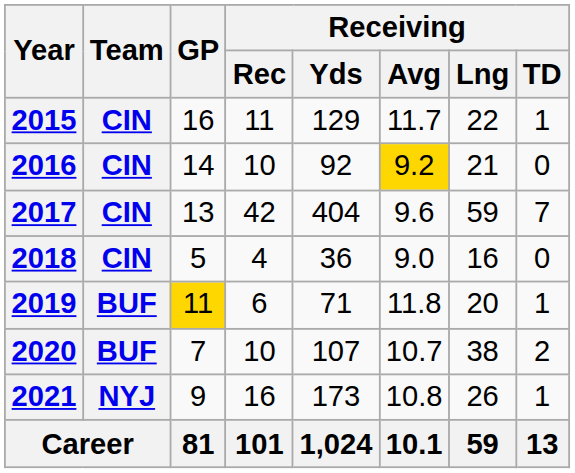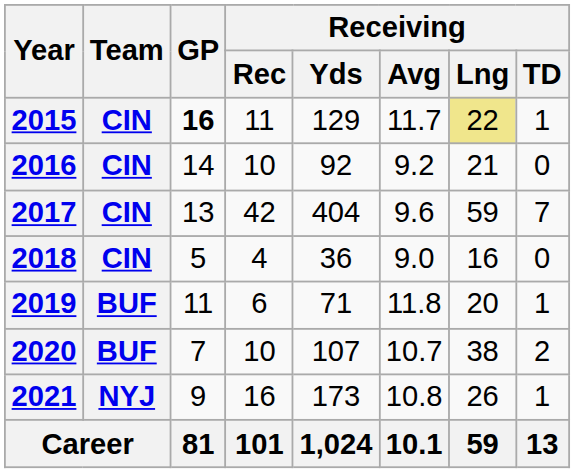 <table class="wikitable" style="text-align: center;">
 <tr>
 <th rowspan="2">Year</th>
 <th rowspan="2">Team</th>
 <th rowspan="2">GP</th>
 <th colspan="5">Receiving</th>
 </tr>
 <tr>
 <th>Rec</th>
 <th>Yds</th>
 <th>Avg</th>
 <th>Lng</th>
 <th>TD</th>
 </tr>
 <tr>
 <th><a href='#'>2015</a></th>
 <th><a href='#'>CIN</a></th>
-<td>16</td>
+<td><strong>16</strong></td>
 <td>11</td>
 <td>129</td>
 <td>11.7</td>
-<td>22</td>
+<td style="background: khaki;">22</td>
 <td>1</td>
 </tr>
 <tr>
 <th><a href='#'>2016</a></th>
 <th><a href='#'>CIN</a></th>
 <td>14</td>
 <td>10</td>
 <td>92</td>
-<td style="background: gold;">9.2</td>
+<td>9.2</td>
 <td>21</td>
 <td>0</td>
 </tr>
 <tr>
 <th><a href='#'>2017</a></th>
 <th><a href='#'>CIN</a></th>
 <td>13</td>
 <td>42</td>
 <td>404</td>
 <td>9.6</td>
 <td>59</td>
 <td>7</td>
 </tr>
 <tr>
 <th><a href='#'>2018</a></th>
 <th><a href='#'>CIN</a></th>
 <td>5</td>
 <td>4</td>
 <td>36</td>
 <td>9.0</td>
 <td>16</td>
 <td>0</td>
 </tr>
 <tr>
 <th><a href='#'>2019</a></th>
 <th><a href='#'>BUF</a></th>
-<td style="background: gold;">11</td>
+<td>11</td>
 <td>6</td>
 <td>71</td>
 <td>11.8</td>
 <td>20</td>
 <td>1</td>
 </tr>
 <tr>
 <th><a href='#'>2020</a></th>
 <th><a href='#'>BUF</a></th>
 <td>7</td>
 <td>10</td>
 <td>107</td>
 <td>10.7</td>
 <td>38</td>
 <td>2</td>
 </tr>
 <tr>
 <th><a href='#'>2021</a></th>
 <th><a href='#'>NYJ</a></th>
 <td>9</td>
 <td>16</td>
 <td>173</td>
 <td>10.8</td>
 <td>26</td>
 <td>1</td>
 </tr>
 <tr>
 <th colspan="2">Career</th>
 <th>81</th>
 <th>101</th>
 <th>1,024</th>
 <th>10.1</th>
 <th>59</th>
 <th>13</th>
 </tr>
 </table>
